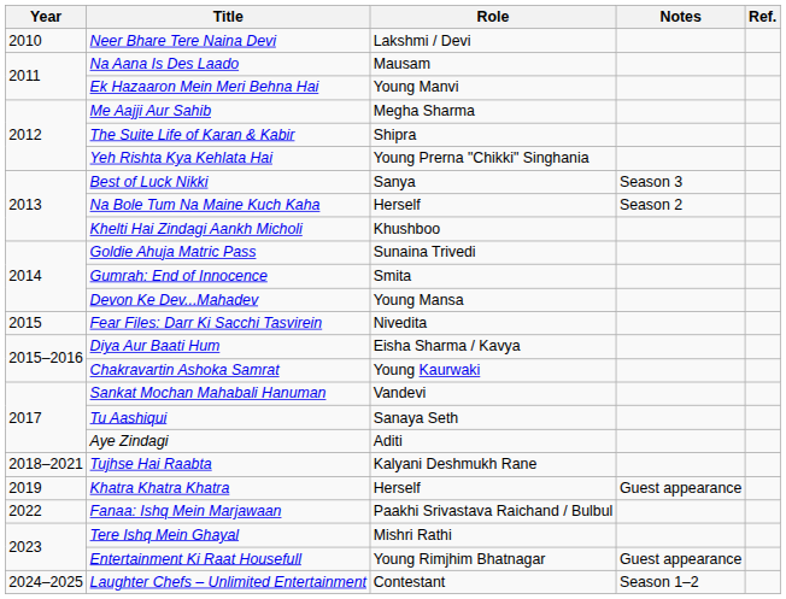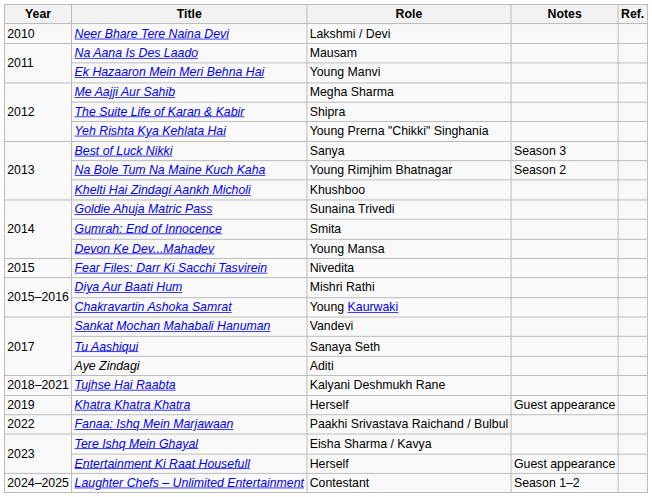 <table class="wikitable sortable">
 <tr>
 <th>Year</th>
 <th>Title</th>
 <th>Role</th>
 <th class="unsortable">Notes</th>
 <th class="unsortable">Ref.</th>
 </tr>
 <tr>
 <td>2010</td>
 <td><em><a href='#'>Neer Bhare Tere Naina Devi</a></em></td>
 <td>Lakshmi / Devi</td>
 <td></td>
 <td></td>
 </tr>
 <tr>
 <td rowspan="2">2011</td>
 <td><em><a href='#'>Na Aana Is Des Laado</a></em></td>
 <td>Mausam</td>
 <td></td>
 <td></td>
 </tr>
 <tr>
 <td><em><a href='#'>Ek Hazaaron Mein Meri Behna Hai</a></em></td>
 <td>Young Manvi</td>
 <td></td>
 <td></td>
 </tr>
 <tr>
 <td rowspan="3">2012</td>
 <td><em><a href='#'>Me Aajji Aur Sahib</a></em></td>
 <td>Megha Sharma</td>
 <td></td>
 <td></td>
 </tr>
 <tr>
 <td><em><a href='#'>The Suite Life of Karan & Kabir</a></em></td>
 <td>Shipra</td>
 <td></td>
 <td></td>
 </tr>
 <tr>
 <td><em><a href='#'>Yeh Rishta Kya Kehlata Hai</a></em></td>
 <td>Young Prerna "Chikki" Singhania</td>
 <td></td>
 <td></td>
 </tr>
 <tr>
 <td rowspan="3">2013</td>
 <td><em><a href='#'>Best of Luck Nikki</a></em></td>
 <td>Sanya</td>
 <td>Season 3</td>
 <td></td>
 </tr>
 <tr>
 <td><em><a href='#'>Na Bole Tum Na Maine Kuch Kaha</a></em></td>
-<td>Herself</td>
+<td>Young Rimjhim Bhatnagar</td>
 <td>Season 2</td>
 <td></td>
 </tr>
 <tr>
 <td><em><a href='#'>Khelti Hai Zindagi Aankh Micholi</a></em></td>
 <td>Khushboo</td>
 <td></td>
 <td></td>
 </tr>
 <tr>
 <td rowspan="3">2014</td>
 <td><em><a href='#'>Goldie Ahuja Matric Pass</a></em></td>
 <td>Sunaina Trivedi</td>
 <td></td>
 <td></td>
 </tr>
 <tr>
 <td><em><a href='#'>Gumrah: End of Innocence</a></em></td>
 <td>Smita</td>
 <td></td>
 <td></td>
 </tr>
 <tr>
 <td><em><a href='#'>Devon Ke Dev...Mahadev</a></em></td>
 <td>Young Mansa</td>
 <td></td>
 <td></td>
 </tr>
 <tr>
 <td>2015</td>
 <td><em><a href='#'>Fear Files: Darr Ki Sacchi Tasvirein</a></em></td>
 <td>Nivedita</td>
 <td></td>
 <td></td>
 </tr>
 <tr>
 <td rowspan="2">2015–2016</td>
 <td><em><a href='#'>Diya Aur Baati Hum</a></em></td>
-<td>Eisha Sharma / Kavya</td>
+<td>Mishri Rathi</td>
 <td></td>
 <td></td>
 </tr>
 <tr>
 <td><em><a href='#'>Chakravartin Ashoka Samrat</a></em></td>
 <td>Young <a href='#'>Kaurwaki</a></td>
 <td></td>
 <td></td>
 </tr>
 <tr>
 <td rowspan="3">2017</td>
 <td><em><a href='#'>Sankat Mochan Mahabali Hanuman</a></em></td>
 <td>Vandevi</td>
 <td></td>
 <td></td>
 </tr>
 <tr>
 <td><em><a href='#'>Tu Aashiqui</a></em></td>
 <td>Sanaya Seth</td>
 <td></td>
 <td></td>
 </tr>
 <tr>
 <td><em>Aye Zindagi</em></td>
 <td>Aditi</td>
 <td></td>
 <td></td>
 </tr>
 <tr>
 <td>2018–2021</td>
 <td><em><a href='#'>Tujhse Hai Raabta</a></em></td>
 <td>Kalyani Deshmukh Rane</td>
 <td></td>
 <td></td>
 </tr>
 <tr>
 <td>2019</td>
 <td><em><a href='#'>Khatra Khatra Khatra</a></em></td>
 <td>Herself</td>
 <td>Guest appearance</td>
 <td></td>
 </tr>
 <tr>
 <td>2022</td>
 <td><em><a href='#'>Fanaa: Ishq Mein Marjawaan</a></em></td>
 <td>Paakhi Srivastava Raichand / Bulbul</td>
 <td></td>
 <td></td>
 </tr>
 <tr>
 <td rowspan="2">2023</td>
 <td><em><a href='#'>Tere Ishq Mein Ghayal</a></em></td>
-<td>Mishri Rathi</td>
+<td>Eisha Sharma / Kavya</td>
 <td></td>
 <td></td>
 </tr>
 <tr>
 <td><em><a href='#'>Entertainment Ki Raat Housefull</a></em></td>
-<td>Young Rimjhim Bhatnagar</td>
+<td>Herself</td>
 <td>Guest appearance</td>
 <td></td>
 </tr>
 <tr>
 <td>2024–2025</td>
 <td><em><a href='#'>Laughter Chefs – Unlimited Entertainment</a></em></td>
 <td>Contestant</td>
 <td>Season 1–2</td>
 <td></td>
 </tr>
 </table>
